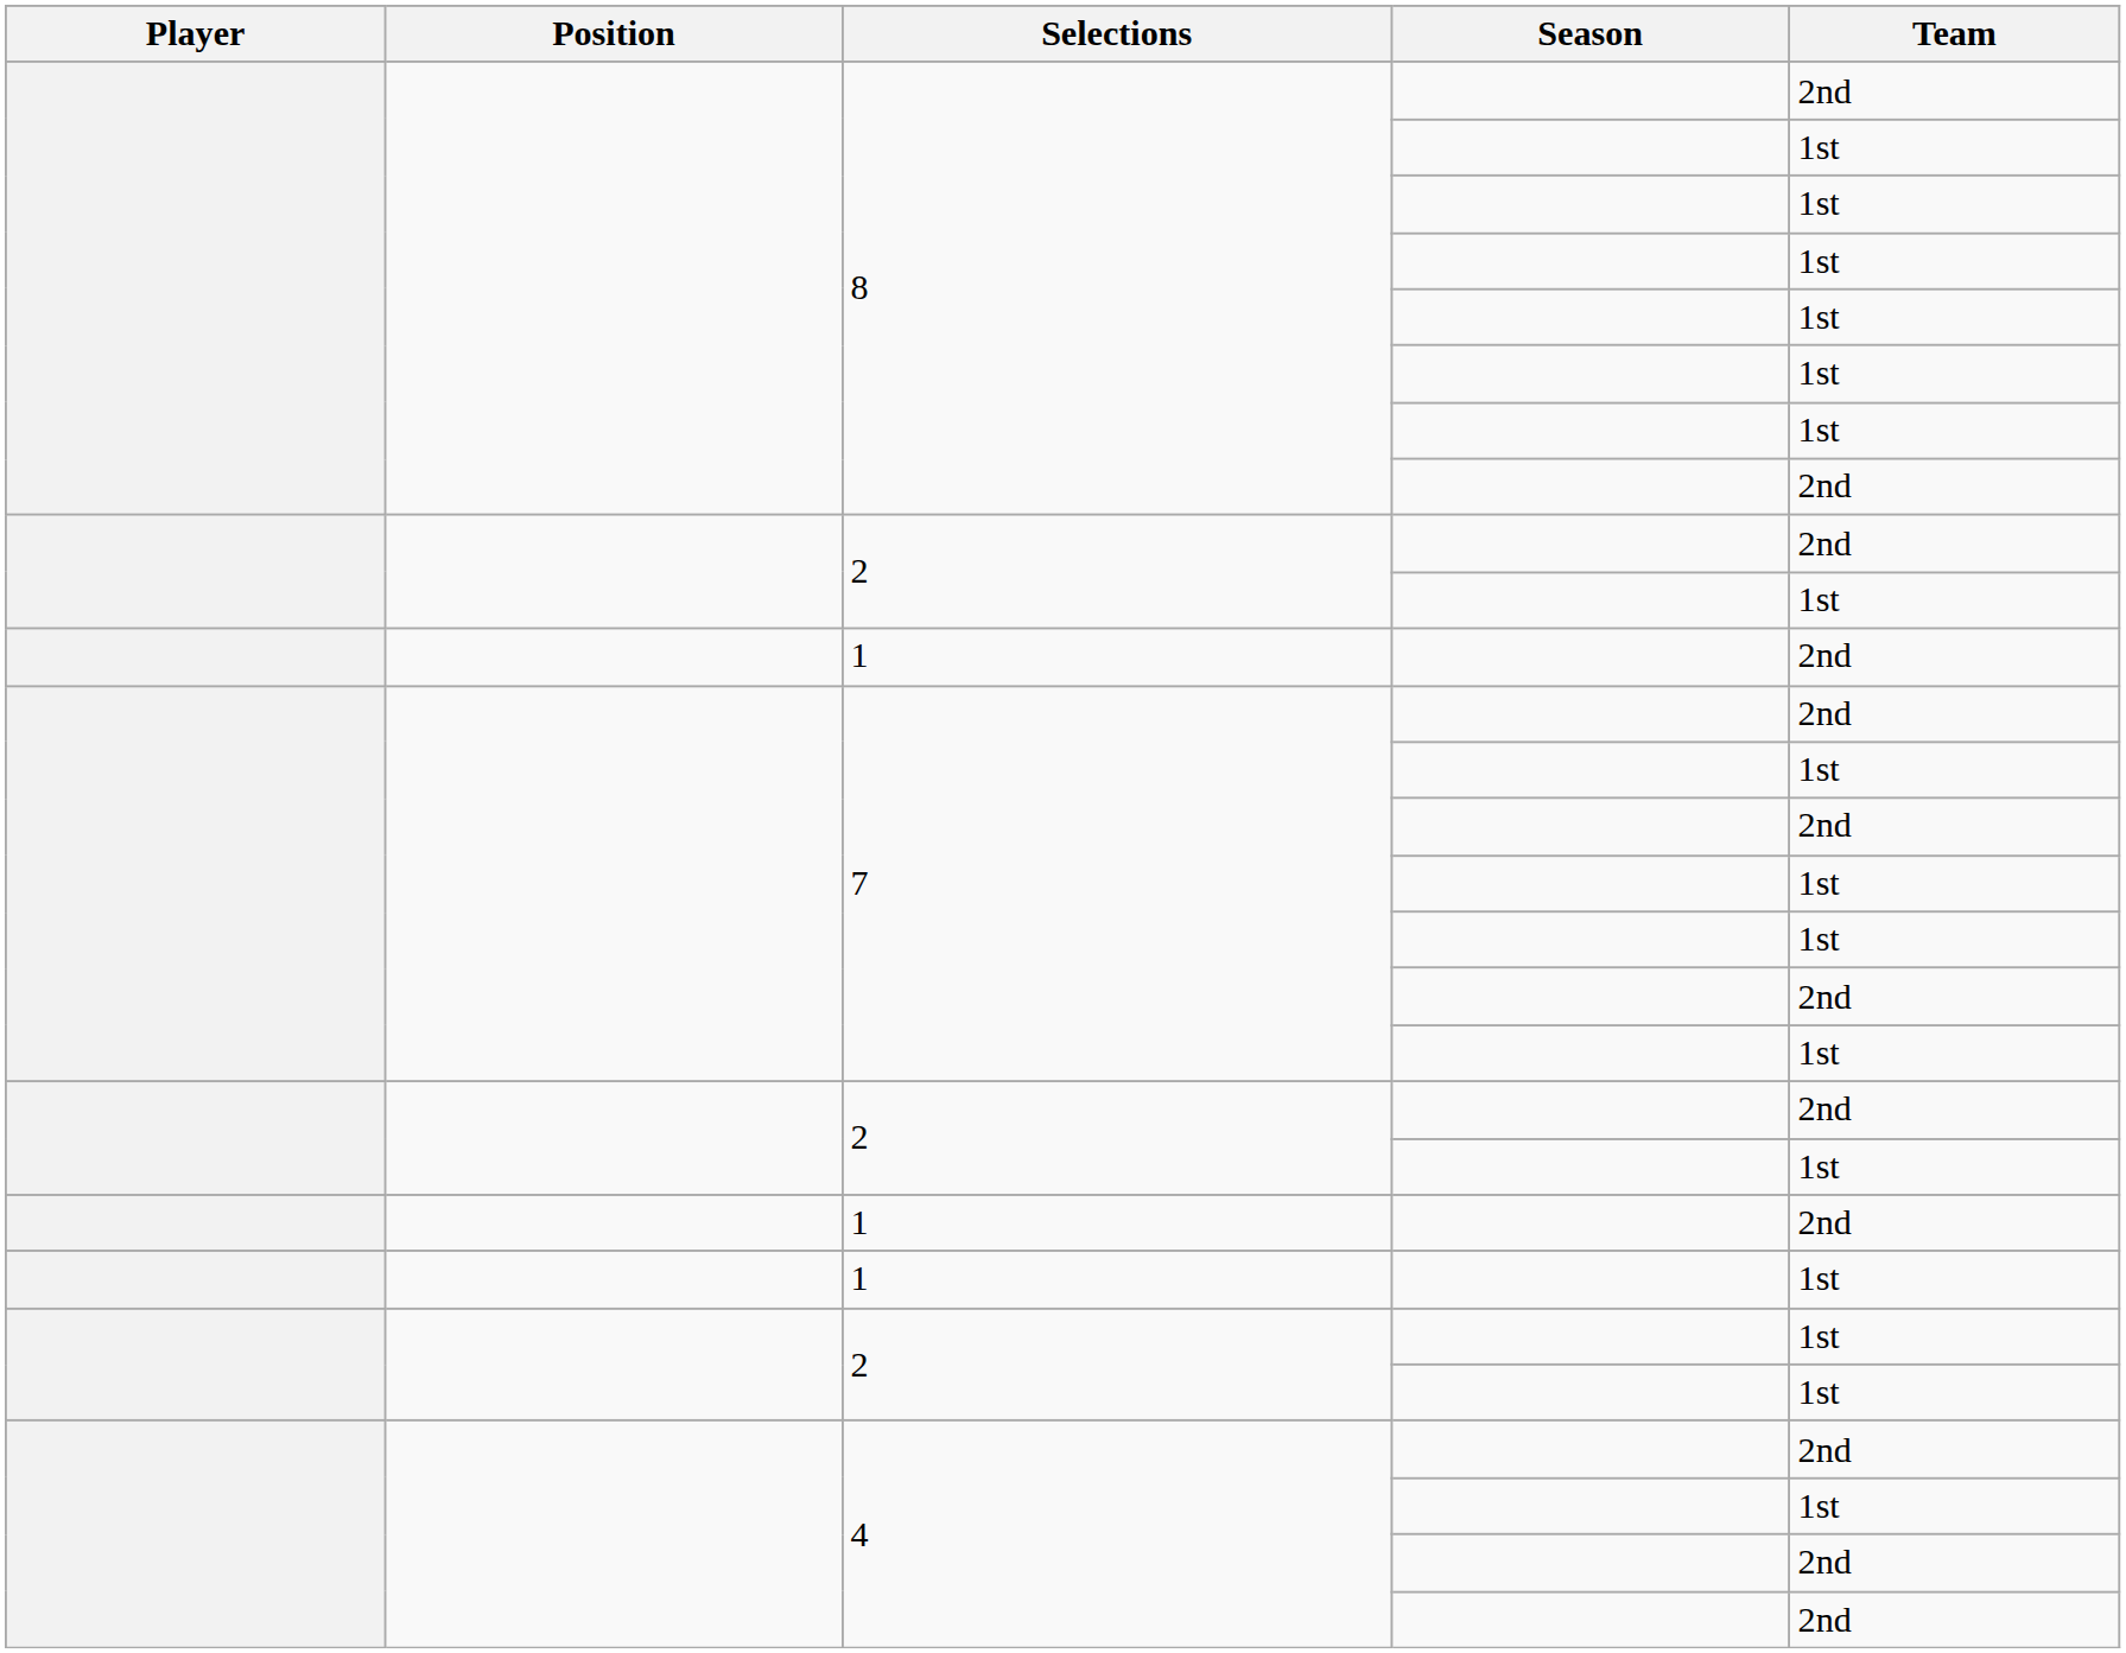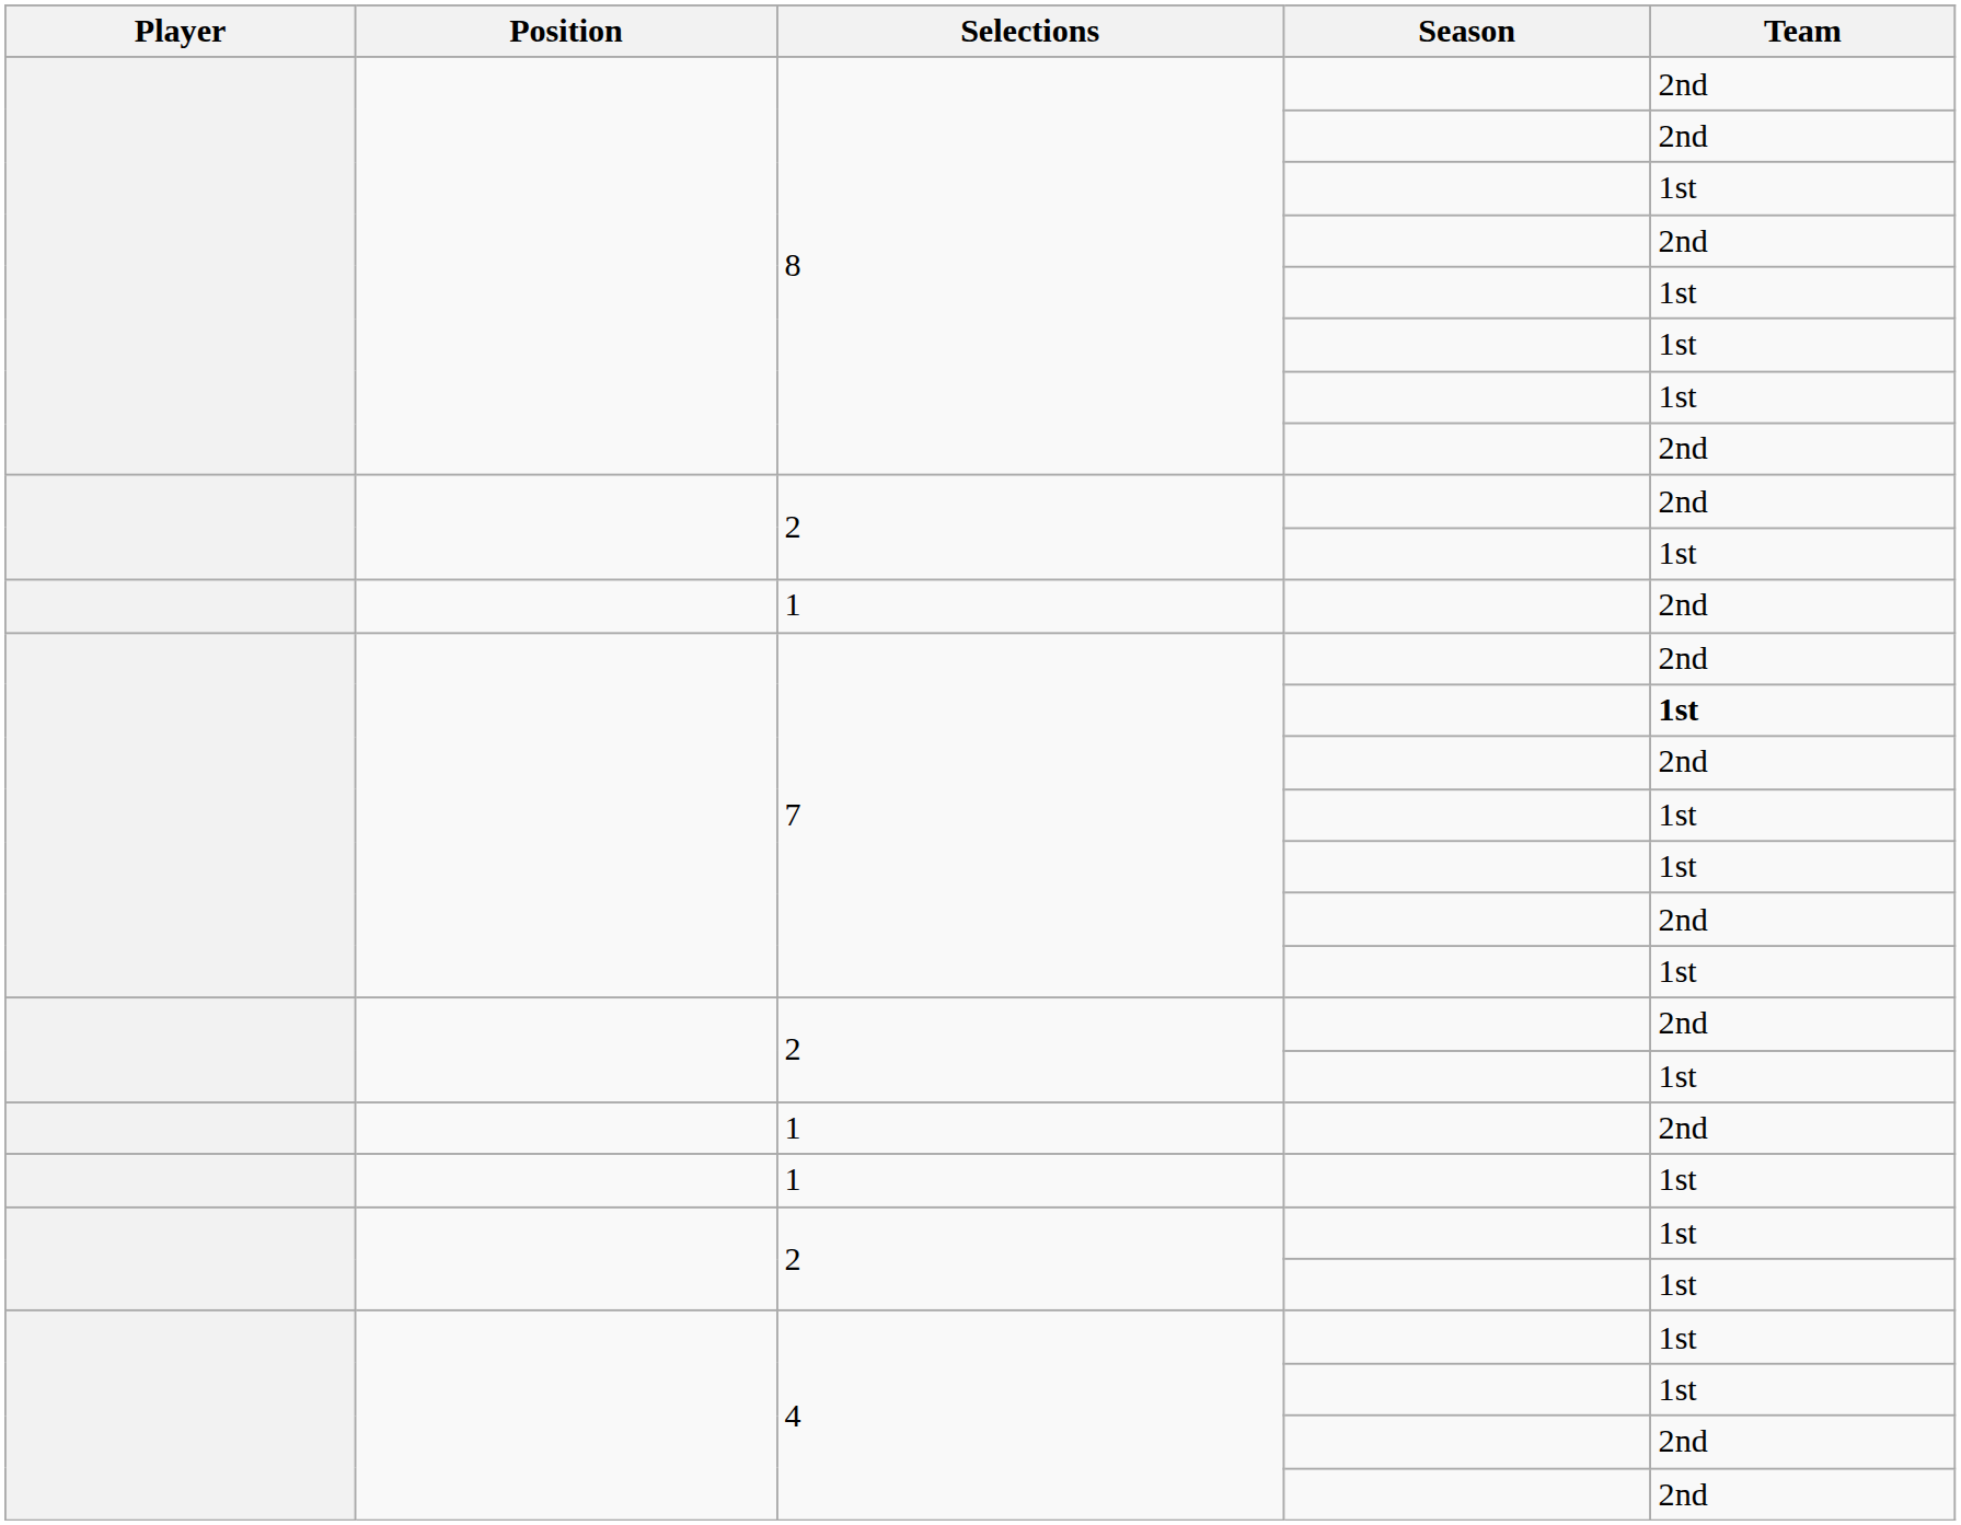 <table class="wikitable sortable" width="75%">
 <tr>
 <th scope="col">Player</th>
 <th scope="col">Position</th>
 <th scope="col">Selections</th>
 <th scope="col">Season</th>
 <th scope="col">Team</th>
 </tr>
 <tr>
 <th scope="row" rowspan="8"></th>
 <td rowspan="8"></td>
 <td rowspan="8">8</td>
 <td></td>
 <td>2nd</td>
 </tr>
 <tr>
 <td></td>
-<td>1st</td>
+<td>2nd</td>
 </tr>
 <tr>
 <td></td>
 <td>1st</td>
 </tr>
 <tr>
 <td></td>
-<td>1st</td>
+<td>2nd</td>
 </tr>
 <tr>
 <td></td>
 <td>1st</td>
 </tr>
 <tr>
 <td></td>
 <td>1st</td>
 </tr>
 <tr>
 <td></td>
 <td>1st</td>
 </tr>
 <tr>
 <td></td>
 <td>2nd</td>
 </tr>
 <tr>
 <th scope="row" rowspan="2"></th>
 <td rowspan="2"></td>
 <td rowspan="2">2</td>
 <td></td>
 <td>2nd</td>
 </tr>
 <tr>
 <td></td>
 <td>1st</td>
 </tr>
 <tr>
 <th scope="row"></th>
 <td></td>
 <td>1</td>
 <td></td>
 <td>2nd</td>
 </tr>
 <tr>
 <th scope="row" rowspan="7"></th>
 <td rowspan="7"></td>
 <td rowspan="7">7</td>
 <td></td>
 <td>2nd</td>
 </tr>
 <tr>
 <td></td>
-<td>1st</td>
+<td><strong>1st</strong></td>
 </tr>
 <tr>
 <td></td>
 <td>2nd</td>
 </tr>
 <tr>
 <td></td>
 <td>1st</td>
 </tr>
 <tr>
 <td></td>
 <td>1st</td>
 </tr>
 <tr>
 <td></td>
 <td>2nd</td>
 </tr>
 <tr>
 <td></td>
 <td>1st</td>
 </tr>
 <tr>
 <th scope="row" rowspan="2"></th>
 <td rowspan="2"></td>
 <td rowspan="2">2</td>
 <td></td>
 <td>2nd</td>
 </tr>
 <tr>
 <td></td>
 <td>1st</td>
 </tr>
 <tr>
 <th scope="row"></th>
 <td></td>
 <td>1</td>
 <td></td>
 <td>2nd</td>
 </tr>
 <tr>
 <th scope="row"></th>
 <td></td>
 <td>1</td>
 <td></td>
 <td>1st</td>
 </tr>
 <tr>
 <th scope="row" rowspan="2"></th>
 <td rowspan="2"></td>
 <td rowspan="2">2</td>
 <td></td>
 <td>1st</td>
 </tr>
 <tr>
 <td></td>
 <td>1st</td>
 </tr>
 <tr>
 <th scope="row" rowspan="4"></th>
 <td rowspan="4"></td>
 <td rowspan="4">4</td>
 <td></td>
-<td>2nd</td>
+<td>1st</td>
 </tr>
 <tr>
 <td></td>
 <td>1st</td>
 </tr>
 <tr>
 <td></td>
 <td>2nd</td>
 </tr>
 <tr>
 <td></td>
 <td>2nd</td>
 </tr>
 </table>
